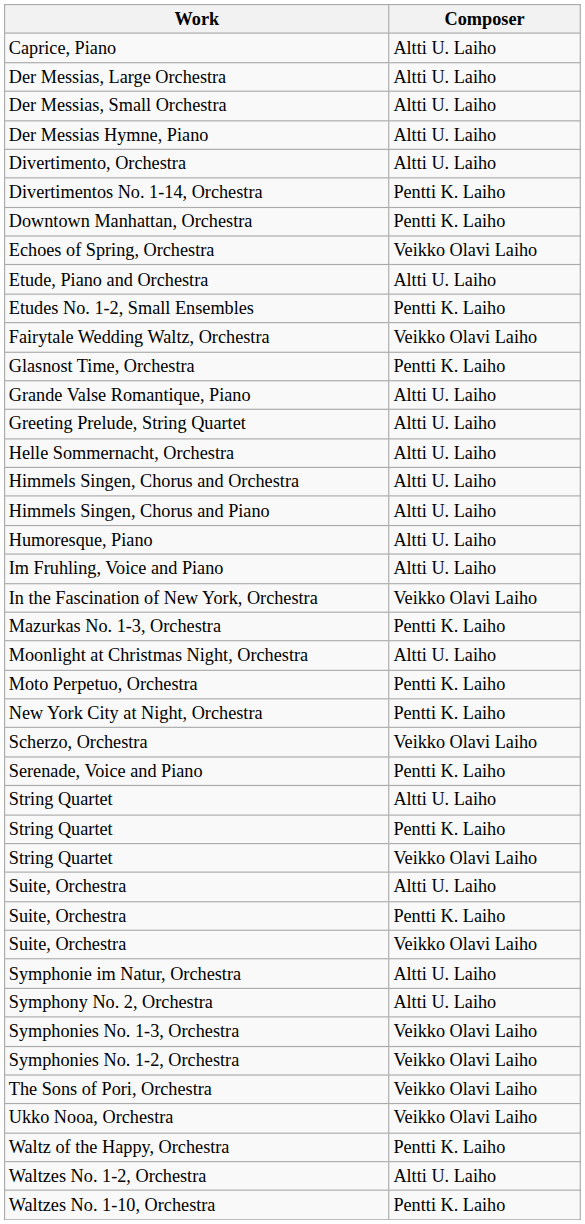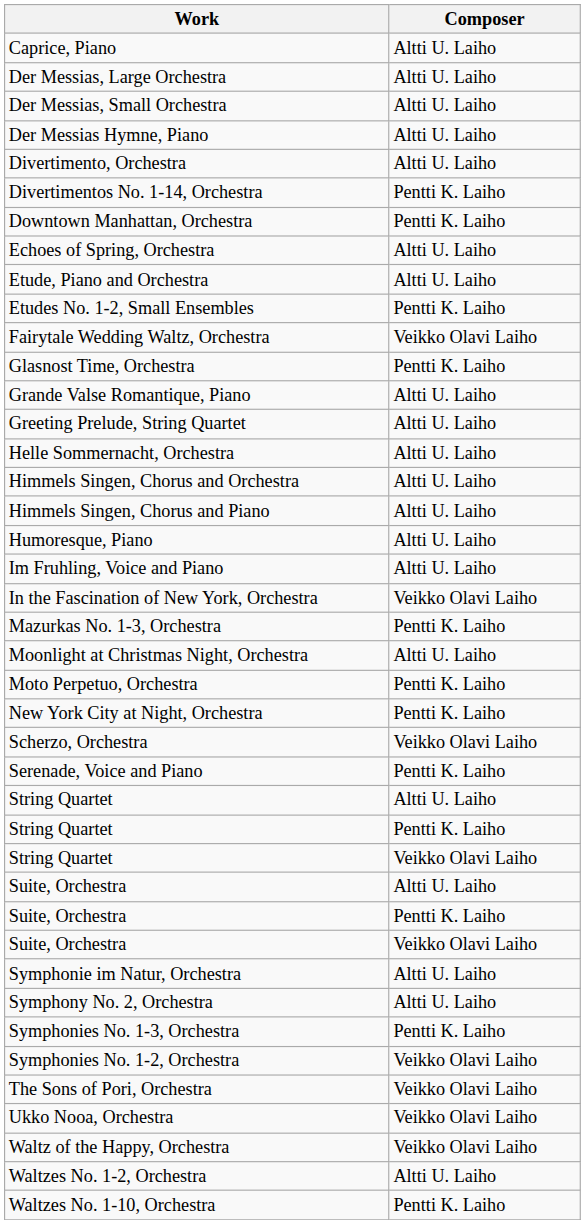 <table class="wikitable">
 <tr>
 <th>Work</th>
 <th>Composer</th>
 </tr>
 <tr>
 <td style="width:330px">Caprice, Piano </td>
 <td style="width:160px">Altti U. Laiho</td>
 </tr>
 <tr>
 <td>Der Messias, Large Orchestra</td>
 <td>Altti U. Laiho</td>
 </tr>
 <tr>
 <td>Der Messias, Small Orchestra</td>
 <td>Altti U. Laiho</td>
 </tr>
 <tr>
 <td>Der Messias Hymne, Piano</td>
 <td>Altti U. Laiho</td>
 </tr>
 <tr>
 <td>Divertimento, Orchestra</td>
 <td>Altti U. Laiho</td>
 </tr>
 <tr>
 <td>Divertimentos No. 1-14, Orchestra</td>
 <td>Pentti K. Laiho</td>
 </tr>
 <tr>
 <td>Downtown Manhattan, Orchestra</td>
 <td>Pentti K. Laiho</td>
 </tr>
 <tr>
 <td>Echoes of Spring, Orchestra</td>
-<td>Veikko Olavi Laiho</td>
+<td>Altti U. Laiho</td>
 </tr>
 <tr>
 <td>Etude, Piano and Orchestra</td>
 <td>Altti U. Laiho</td>
 </tr>
 <tr>
 <td>Etudes No. 1-2, Small Ensembles</td>
 <td>Pentti K. Laiho</td>
 </tr>
 <tr>
 <td>Fairytale Wedding Waltz, Orchestra</td>
 <td>Veikko Olavi Laiho</td>
 </tr>
 <tr>
 <td>Glasnost Time, Orchestra</td>
 <td>Pentti K. Laiho</td>
 </tr>
 <tr>
 <td>Grande Valse Romantique, Piano</td>
 <td>Altti U. Laiho</td>
 </tr>
 <tr>
 <td>Greeting Prelude, String Quartet</td>
 <td>Altti U. Laiho</td>
 </tr>
 <tr>
 <td>Helle Sommernacht, Orchestra</td>
 <td>Altti U. Laiho</td>
 </tr>
 <tr>
 <td>Himmels Singen, Chorus and Orchestra</td>
 <td>Altti U. Laiho</td>
 </tr>
 <tr>
 <td>Himmels Singen, Chorus and Piano</td>
 <td>Altti U. Laiho</td>
 </tr>
 <tr>
 <td>Humoresque, Piano</td>
 <td>Altti U. Laiho</td>
 </tr>
 <tr>
 <td>Im Fruhling, Voice and Piano</td>
 <td>Altti U. Laiho</td>
 </tr>
 <tr>
 <td>In the Fascination of New York, Orchestra</td>
 <td>Veikko Olavi Laiho</td>
 </tr>
 <tr>
 <td>Mazurkas No. 1-3, Orchestra</td>
 <td>Pentti K. Laiho</td>
 </tr>
 <tr>
 <td>Moonlight at Christmas Night, Orchestra</td>
 <td>Altti U. Laiho</td>
 </tr>
 <tr>
 <td>Moto Perpetuo, Orchestra</td>
 <td>Pentti K. Laiho</td>
 </tr>
 <tr>
 <td>New York City at Night, Orchestra</td>
 <td>Pentti K. Laiho</td>
 </tr>
 <tr>
 <td>Scherzo, Orchestra</td>
 <td>Veikko Olavi Laiho</td>
 </tr>
 <tr>
 <td>Serenade, Voice and Piano</td>
 <td>Pentti K. Laiho</td>
 </tr>
 <tr>
 <td>String Quartet</td>
 <td>Altti U. Laiho</td>
 </tr>
 <tr>
 <td>String Quartet</td>
 <td>Pentti K. Laiho</td>
 </tr>
 <tr>
 <td>String Quartet</td>
 <td>Veikko Olavi Laiho</td>
 </tr>
 <tr>
 <td>Suite, Orchestra</td>
 <td>Altti U. Laiho</td>
 </tr>
 <tr>
 <td>Suite, Orchestra</td>
 <td>Pentti K. Laiho</td>
 </tr>
 <tr>
 <td>Suite, Orchestra</td>
 <td>Veikko Olavi Laiho</td>
 </tr>
 <tr>
 <td>Symphonie im Natur, Orchestra</td>
 <td>Altti U. Laiho</td>
 </tr>
 <tr>
 <td>Symphony No. 2, Orchestra</td>
 <td>Altti U. Laiho</td>
 </tr>
 <tr>
 <td>Symphonies No. 1-3, Orchestra</td>
-<td>Veikko Olavi Laiho</td>
+<td>Pentti K. Laiho</td>
 </tr>
 <tr>
 <td>Symphonies No. 1-2, Orchestra</td>
 <td>Veikko Olavi Laiho</td>
 </tr>
 <tr>
 <td>The Sons of Pori, Orchestra</td>
 <td>Veikko Olavi Laiho</td>
 </tr>
 <tr>
 <td>Ukko Nooa, Orchestra</td>
 <td>Veikko Olavi Laiho</td>
 </tr>
 <tr>
 <td>Waltz of the Happy, Orchestra</td>
-<td>Pentti K. Laiho</td>
+<td>Veikko Olavi Laiho</td>
 </tr>
 <tr>
 <td>Waltzes No. 1-2, Orchestra</td>
 <td>Altti U. Laiho</td>
 </tr>
 <tr>
 <td>Waltzes No. 1-10, Orchestra</td>
 <td>Pentti K. Laiho</td>
 </tr>
 </table>
